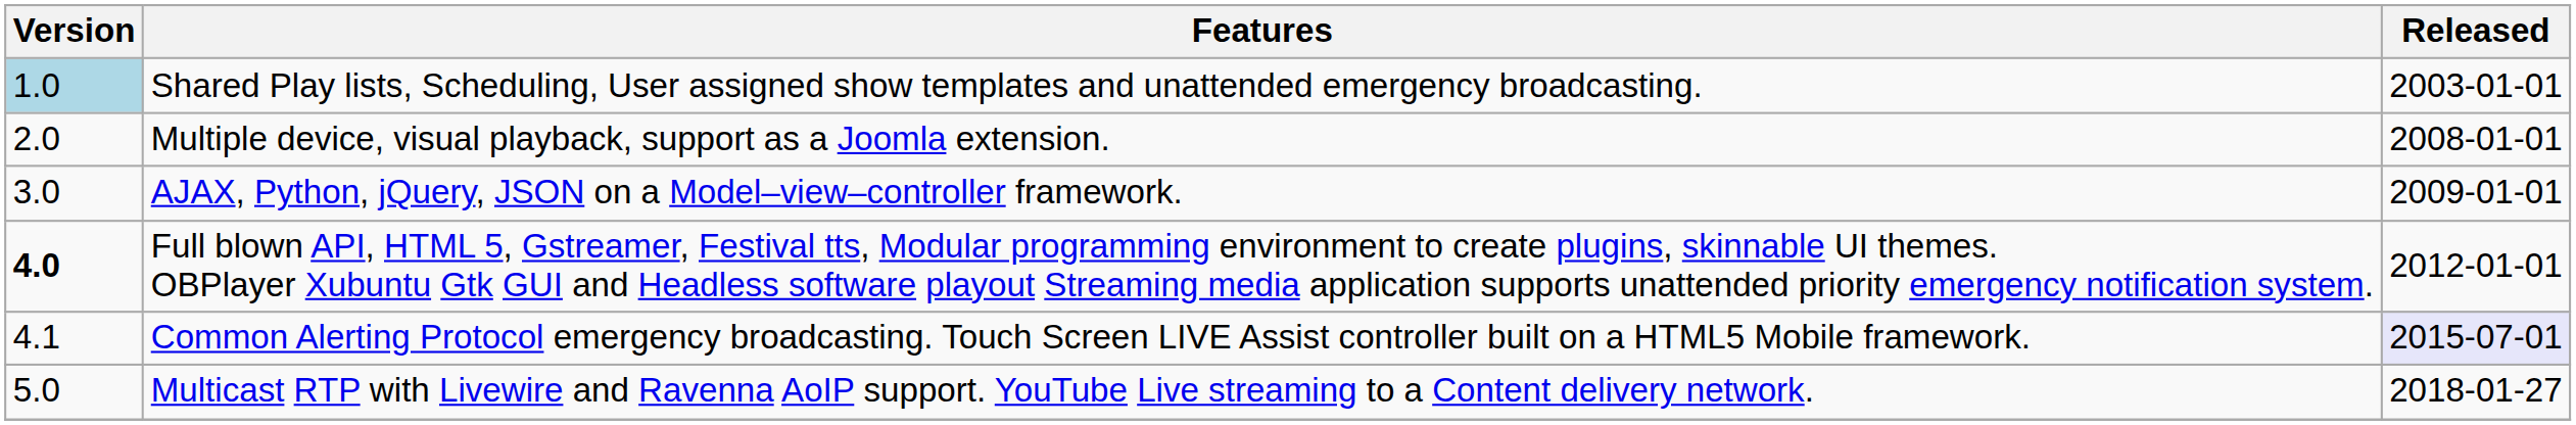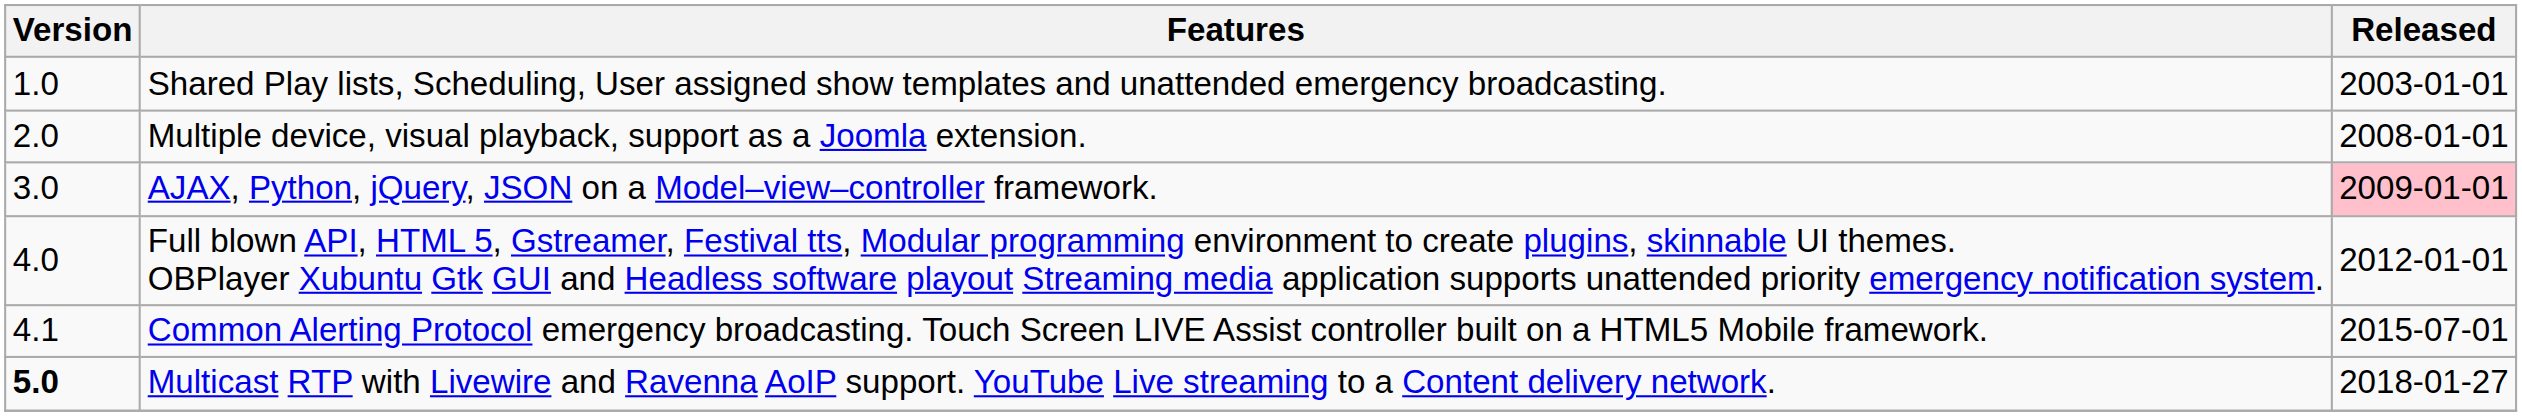 <table class="wikitable" style="float:center; margin:0 0 0.5em 1em;">
 <tr>
 <th>Version</th>
 <th>Features</th>
 <th>Released</th>
 </tr>
 <tr>
-<td style="background: lightblue;">1.0</td>
+<td>1.0</td>
 <td>Shared Play lists, Scheduling, User assigned show templates and unattended emergency broadcasting.</td>
 <td>2003-01-01</td>
 </tr>
 <tr>
 <td>2.0</td>
 <td>Multiple device, visual playback, support as a <a href='#'>Joomla</a> extension.</td>
 <td>2008-01-01</td>
 </tr>
 <tr>
 <td>3.0</td>
 <td><a href='#'>AJAX</a>, <a href='#'>Python</a>, <a href='#'>jQuery</a>, <a href='#'>JSON</a> on a <a href='#'>Model–view–controller</a> framework.</td>
-<td>2009-01-01</td>
+<td style="background: pink;">2009-01-01</td>
 </tr>
 <tr>
-<td><strong>4.0</strong></td>
+<td>4.0</td>
 <td>Full blown <a href='#'>API</a>, <a href='#'>HTML 5</a>, <a href='#'>Gstreamer</a>, <a href='#'>Festival tts</a>,  <a href='#'>Modular programming</a> environment to create <a href='#'>plugins</a>, <a href='#'>skinnable</a> UI themes.<br>OBPlayer <a href='#'>Xubuntu</a> <a href='#'>Gtk</a> <a href='#'>GUI</a> and <a href='#'>Headless software</a> <a href='#'>playout</a> <a href='#'>Streaming media</a> application supports unattended priority <a href='#'>emergency notification system</a>.</td>
 <td>2012-01-01</td>
 </tr>
 <tr>
 <td>4.1</td>
 <td><a href='#'>Common Alerting Protocol</a> emergency broadcasting. Touch Screen LIVE Assist controller built on a HTML5 Mobile framework.</td>
-<td style="background: lavender;">2015-07-01</td>
+<td>2015-07-01</td>
 </tr>
 <tr>
-<td>5.0</td>
+<td><strong>5.0</strong></td>
 <td><a href='#'>Multicast</a> <a href='#'>RTP</a> with <a href='#'>Livewire</a> and <a href='#'>Ravenna</a> <a href='#'>AoIP</a> support. <a href='#'>YouTube</a> <a href='#'>Live streaming</a> to a <a href='#'>Content delivery network</a>.</td>
 <td>2018-01-27</td>
 </tr>
 <tr>
 </tr>
 </table>
